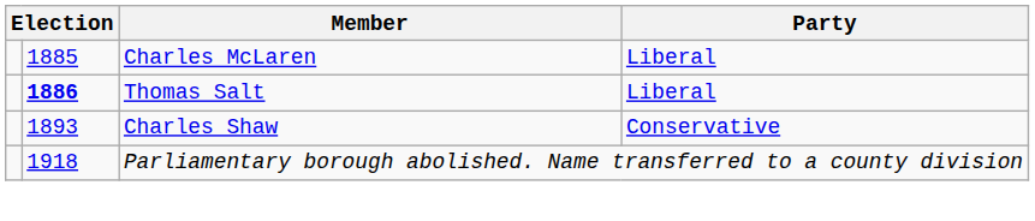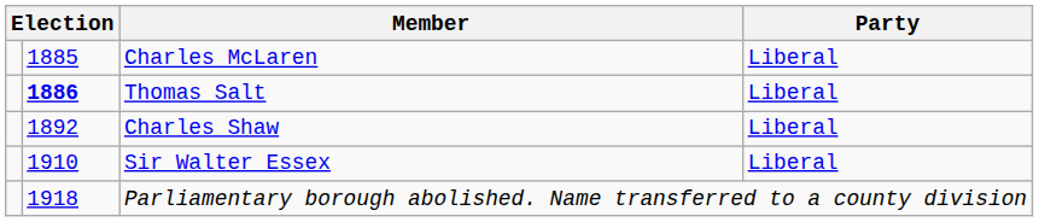 <table class="wikitable">
 <tr>
 <th colspan="2">Election</th>
 <th>Member</th>
 <th>Party</th>
 </tr>
 <tr>
 <td style="color:inherit;background-color: "></td>
 <td><a href='#'>1885</a></td>
 <td><a href='#'>Charles McLaren</a></td>
 <td><a href='#'>Liberal</a></td>
 </tr>
 <tr>
 <td style="color:inherit;background-color: "></td>
 <td><strong><a href='#'>1886</a></strong></td>
 <td><a href='#'>Thomas Salt</a></td>
 <td><a href='#'>Liberal</a></td>
 </tr>
 <tr>
 <td style="color:inherit;background-color: "></td>
-<td><a href='#'>1893</a></td>
+<td><a href='#'>1892</a></td>
 <td><a href='#'>Charles Shaw</a></td>
-<td><a href='#'>Conservative</a></td>
+<td><a href='#'>Liberal</a></td>
+</tr>
+<tr>
+<td style="color:inherit;background-color: "></td>
+<td><a href='#'>1910</a></td>
+<td><a href='#'>Sir Walter Essex</a></td>
+<td><a href='#'>Liberal</a></td>
 </tr>
 <tr>
 <td></td>
 <td><a href='#'>1918</a></td>
 <td colspan="2"><em>Parliamentary borough abolished. Name transferred to a county division</em></td>
 </tr>
 </table>
